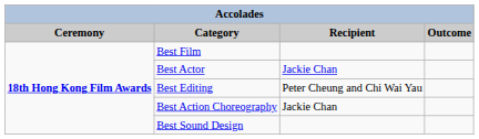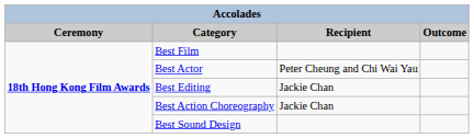 <table class="wikitable" style="font-size:95%;" ;>
 <tr style="background:#ccc; text-align:center;">
 <th colspan="4" style="background: LightSteelBlue;">Accolades</th>
 </tr>
 <tr style="background:#ccc; text-align:center;">
 <th style="background:#ccc">Ceremony</th>
 <th style="background:#ccc">Category</th>
 <th style="background:#ccc">Recipient</th>
 <th style="background:#ccc">Outcome</th>
 </tr>
 <tr>
 <td rowspan="5"><strong><a href='#'>18th Hong Kong Film Awards</a></strong></td>
 <td><a href='#'>Best Film</a></td>
 <td></td>
 <td></td>
 </tr>
 <tr>
 <td><a href='#'>Best Actor</a></td>
-<td><a href='#'>Jackie Chan</a></td>
+<td>Peter Cheung and Chi Wai Yau</td>
 <td></td>
 </tr>
 <tr>
 <td><a href='#'>Best Editing</a></td>
-<td>Peter Cheung and Chi Wai Yau</td>
+<td>Jackie Chan</td>
 <td></td>
 </tr>
 <tr>
 <td><a href='#'>Best Action Choreography</a></td>
 <td>Jackie Chan</td>
 <td></td>
 </tr>
 <tr>
 <td><a href='#'>Best Sound Design</a></td>
 <td></td>
 <td></td>
 </tr>
 </table>
